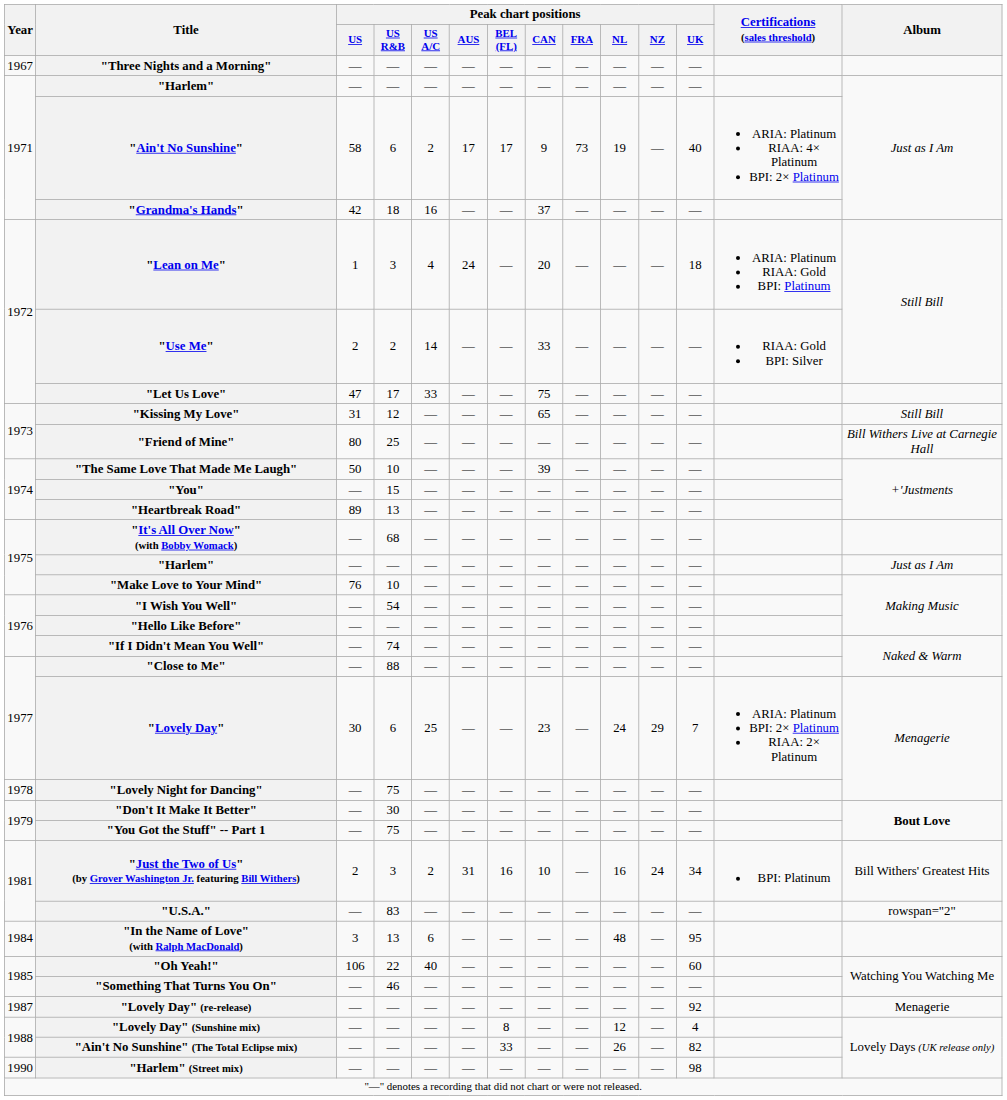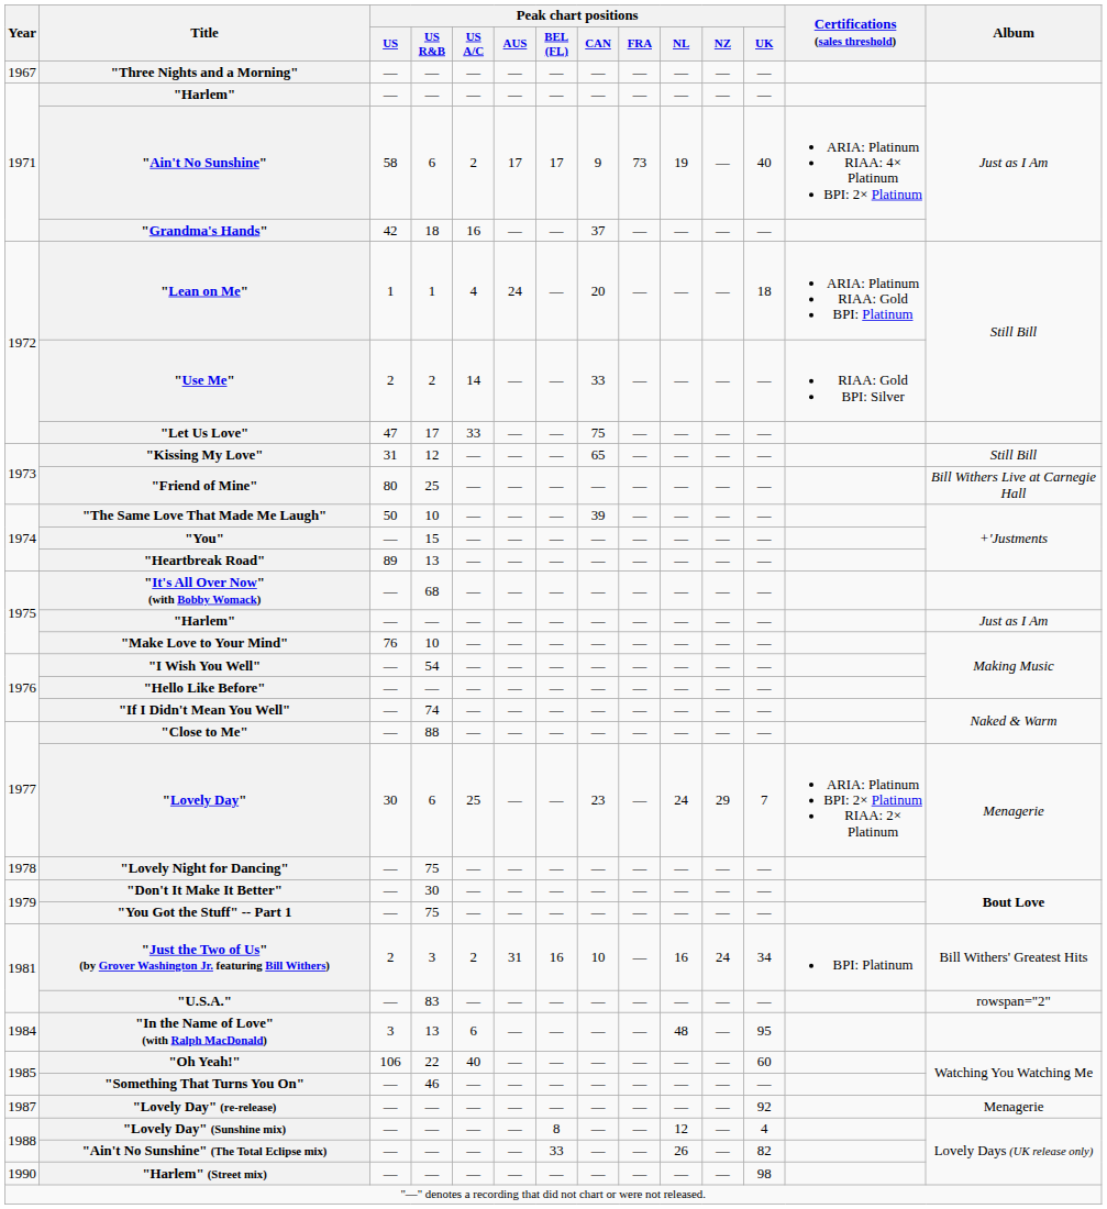 <table class="wikitable plainrowheaders" style="text-align:center;">
 <tr>
 <th scope="col" rowspan="2" style="width:1em;">Year</th>
 <th scope="col" rowspan="2" style="width:23em;">Title</th>
 <th scope="col" colspan="10">Peak chart positions</th>
 <th scope="col" rowspan="2"><a href='#'>Certifications</a><br><small>(<a href='#'>sales threshold</a>)</small></th>
 <th scope="col" rowspan="2">Album</th>
 </tr>
 <tr>
 <th scope="col" style="width:3em;font-size:85%;"><a href='#'>US</a><br></th>
 <th scope="col" style="width:3em;font-size:85%;"><a href='#'>US<br>R&B</a><br></th>
 <th scope="col" style="width:3em;font-size:85%;"><a href='#'>US<br>A/C</a><br></th>
 <th scope="col" style="width:3em;font-size:85%;"><a href='#'>AUS</a><br></th>
 <th scope="col" style="width:3em;font-size:85%;"><a href='#'>BEL<br>(FL)</a><br></th>
 <th scope="col" style="width:3em;font-size:85%;"><a href='#'>CAN</a><br></th>
 <th scope="col" style="width:3em;font-size:85%;"><a href='#'>FRA</a><br></th>
 <th scope="col" style="width:3em;font-size:85%;"><a href='#'>NL</a><br></th>
 <th scope="col" style="width:3em;font-size:85%;"><a href='#'>NZ</a><br></th>
 <th scope="col" style="width:3em;font-size:85%;"><a href='#'>UK</a><br></th>
 </tr>
 <tr>
 <td>1967</td>
 <th scope="row">"Three Nights and a Morning"</th>
 <td>—</td>
 <td>—</td>
 <td>—</td>
 <td>—</td>
 <td>—</td>
 <td>—</td>
 <td>—</td>
 <td>—</td>
 <td>—</td>
 <td>—</td>
 <td></td>
 <td></td>
 </tr>
 <tr>
 <td rowspan="3">1971</td>
 <th scope="row">"Harlem"</th>
 <td>—</td>
 <td>—</td>
 <td>—</td>
 <td>—</td>
 <td>—</td>
 <td>—</td>
 <td>—</td>
 <td>—</td>
 <td>—</td>
 <td>—</td>
 <td></td>
 <td rowspan="3"><em>Just as I Am</em></td>
 </tr>
 <tr>
 <th scope="row">"<a href='#'>Ain't No Sunshine</a>"</th>
 <td>58</td>
 <td>6</td>
 <td>2</td>
 <td>17</td>
 <td>17</td>
 <td>9</td>
 <td>73</td>
 <td>19</td>
 <td>—</td>
 <td>40</td>
 <td><br><ul><li>ARIA: Platinum</li><li>RIAA: 4× Platinum</li><li>BPI: 2× <a href='#'>Platinum</a></li></ul></td>
 </tr>
 <tr>
 <th scope="row">"<a href='#'>Grandma's Hands</a>"</th>
 <td>42</td>
 <td>18</td>
 <td>16</td>
 <td>—</td>
 <td>—</td>
 <td>37</td>
 <td>—</td>
 <td>—</td>
 <td>—</td>
 <td>—</td>
 <td></td>
 </tr>
 <tr>
 <td rowspan="3">1972</td>
 <th scope="row">"<a href='#'>Lean on Me</a>"</th>
 <td>1</td>
-<td>3</td>
+<td>1</td>
 <td>4</td>
 <td>24</td>
 <td>—</td>
 <td>20</td>
 <td>—</td>
 <td>—</td>
 <td>—</td>
 <td>18</td>
 <td><br><ul><li>ARIA: Platinum</li><li>RIAA: Gold</li><li>BPI: <a href='#'>Platinum</a></li></ul></td>
 <td rowspan="2"><em>Still Bill</em></td>
 </tr>
 <tr>
 <th scope="row">"<a href='#'>Use Me</a>"</th>
 <td>2</td>
 <td>2</td>
 <td>14</td>
 <td>—</td>
 <td>—</td>
 <td>33</td>
 <td>—</td>
 <td>—</td>
 <td>—</td>
 <td>—</td>
 <td><br><ul><li>RIAA: Gold</li><li>BPI: Silver</li></ul></td>
 </tr>
 <tr>
 <th scope="row">"Let Us Love"</th>
 <td>47</td>
 <td>17</td>
 <td>33</td>
 <td>—</td>
 <td>—</td>
 <td>75</td>
 <td>—</td>
 <td>—</td>
 <td>—</td>
 <td>—</td>
 <td></td>
 <td></td>
 </tr>
 <tr>
 <td rowspan="2">1973</td>
 <th scope="row">"Kissing My Love"</th>
 <td>31</td>
 <td>12</td>
 <td>—</td>
 <td>—</td>
 <td>—</td>
 <td>65</td>
 <td>—</td>
 <td>—</td>
 <td>—</td>
 <td>—</td>
 <td></td>
 <td><em>Still Bill</em></td>
 </tr>
 <tr>
 <th scope="row">"Friend of Mine"</th>
 <td>80</td>
 <td>25</td>
 <td>—</td>
 <td>—</td>
 <td>—</td>
 <td>—</td>
 <td>—</td>
 <td>—</td>
 <td>—</td>
 <td>—</td>
 <td></td>
 <td><em>Bill Withers Live at Carnegie Hall</em></td>
 </tr>
 <tr>
 <td rowspan="3">1974</td>
 <th scope="row">"The Same Love That Made Me Laugh"</th>
 <td>50</td>
 <td>10</td>
 <td>—</td>
 <td>—</td>
 <td>—</td>
 <td>39</td>
 <td>—</td>
 <td>—</td>
 <td>—</td>
 <td>—</td>
 <td></td>
 <td rowspan="3"><em>+'Justments</em></td>
 </tr>
 <tr>
 <th scope="row">"You"</th>
 <td>—</td>
 <td>15</td>
 <td>—</td>
 <td>—</td>
 <td>—</td>
 <td>—</td>
 <td>—</td>
 <td>—</td>
 <td>—</td>
 <td>—</td>
 <td></td>
 </tr>
 <tr>
 <th scope="row">"Heartbreak Road"</th>
 <td>89</td>
 <td>13</td>
 <td>—</td>
 <td>—</td>
 <td>—</td>
 <td>—</td>
 <td>—</td>
 <td>—</td>
 <td>—</td>
 <td>—</td>
 <td></td>
 </tr>
 <tr>
 <td rowspan="3">1975</td>
 <th scope="row">"<a href='#'>It's All Over Now</a>"<br><small>(with <a href='#'>Bobby Womack</a>)</small></th>
 <td>—</td>
 <td>68</td>
 <td>—</td>
 <td>—</td>
 <td>—</td>
 <td>—</td>
 <td>—</td>
 <td>—</td>
 <td>—</td>
 <td>—</td>
 <td></td>
 <td></td>
 </tr>
 <tr>
 <th scope="row">"Harlem"</th>
 <td>—</td>
 <td>—</td>
 <td>—</td>
 <td>—</td>
 <td>—</td>
 <td>—</td>
 <td>—</td>
 <td>—</td>
 <td>—</td>
 <td>—</td>
 <td></td>
 <td><em>Just as I Am</em></td>
 </tr>
 <tr>
 <th scope="row">"Make Love to Your Mind"</th>
 <td>76</td>
 <td>10</td>
 <td>—</td>
 <td>—</td>
 <td>—</td>
 <td>—</td>
 <td>—</td>
 <td>—</td>
 <td>—</td>
 <td>—</td>
 <td></td>
 <td rowspan="3"><em>Making Music</em></td>
 </tr>
 <tr>
 <td rowspan="3">1976</td>
 <th scope="row">"I Wish You Well"</th>
 <td>—</td>
 <td>54</td>
 <td>—</td>
 <td>—</td>
 <td>—</td>
 <td>—</td>
 <td>—</td>
 <td>—</td>
 <td>—</td>
 <td>—</td>
 <td></td>
 </tr>
 <tr>
 <th scope="row">"Hello Like Before"</th>
 <td>—</td>
 <td>—</td>
 <td>—</td>
 <td>—</td>
 <td>—</td>
 <td>—</td>
 <td>—</td>
 <td>—</td>
 <td>—</td>
 <td>—</td>
 <td></td>
 </tr>
 <tr>
 <th scope="row">"If I Didn't Mean You Well"</th>
 <td>—</td>
 <td>74</td>
 <td>—</td>
 <td>—</td>
 <td>—</td>
 <td>—</td>
 <td>—</td>
 <td>—</td>
 <td>—</td>
 <td>—</td>
 <td></td>
 <td rowspan="2"><em>Naked & Warm</em></td>
 </tr>
 <tr>
 <td rowspan="2">1977</td>
 <th scope="row">"Close to Me"</th>
 <td>—</td>
 <td>88</td>
 <td>—</td>
 <td>—</td>
 <td>—</td>
 <td>—</td>
 <td>—</td>
 <td>—</td>
 <td>—</td>
 <td>—</td>
 <td></td>
 </tr>
 <tr>
 <th scope="row">"<a href='#'>Lovely Day</a>"</th>
 <td>30</td>
 <td>6</td>
 <td>25</td>
 <td>—</td>
 <td>—</td>
 <td>23</td>
 <td>—</td>
 <td>24</td>
 <td>29</td>
 <td>7</td>
 <td><br><ul><li>ARIA: Platinum</li><li>BPI: 2× <a href='#'>Platinum</a></li><li>RIAA: 2× Platinum</li></ul></td>
 <td rowspan="2"><em>Menagerie</em></td>
 </tr>
 <tr>
 <td>1978</td>
 <th scope="row">"Lovely Night for Dancing"</th>
 <td>—</td>
 <td>75</td>
 <td>—</td>
 <td>—</td>
 <td>—</td>
 <td>—</td>
 <td>—</td>
 <td>—</td>
 <td>—</td>
 <td>—</td>
 <td></td>
 </tr>
 <tr>
 <td rowspan="2">1979</td>
 <th scope="row">"Don't It Make It Better"</th>
 <td>—</td>
 <td>30</td>
 <td>—</td>
 <td>—</td>
 <td>—</td>
 <td>—</td>
 <td>—</td>
 <td>—</td>
 <td>—</td>
 <td>—</td>
 <td></td>
 <td rowspan="2"><strong>Bout Love<em></td>
 </tr>
 <tr>
 <th scope="row">"You Got the Stuff" -- Part 1</th>
 <td>—</td>
 <td>75</td>
 <td>—</td>
 <td>—</td>
 <td>—</td>
 <td>—</td>
 <td>—</td>
 <td>—</td>
 <td>—</td>
 <td>—</td>
 <td></td>
 </tr>
 <tr>
 <td rowspan="2">1981</td>
 <th scope="row">"<a href='#'>Just the Two of Us</a>"<br><small>(by <a href='#'>Grover Washington Jr.</a> featuring <a href='#'>Bill Withers</a>)</small></th>
 <td>2</td>
 <td>3</td>
 <td>2</td>
 <td>31</td>
 <td>16</td>
 <td>10</td>
 <td>—</td>
 <td>16</td>
 <td>24</td>
 <td>34</td>
 <td><br><ul><li>BPI: Platinum</li></ul></td>
 <td></em>Bill Withers' Greatest Hits<em></td>
 </tr>
 <tr>
 <th scope="row">"U.S.A."</th>
 <td>—</td>
 <td>83</td>
 <td>—</td>
 <td>—</td>
 <td>—</td>
 <td>—</td>
 <td>—</td>
 <td>—</td>
 <td>—</td>
 <td>—</td>
 <td></td>
 <td>rowspan="2" </td>
 </tr>
 <tr>
 <td>1984</td>
 <th scope="row">"In the Name of Love"<br><small>(with <a href='#'>Ralph MacDonald</a>)</small></th>
 <td>3</td>
 <td>13</td>
 <td>6</td>
 <td>—</td>
 <td>—</td>
 <td>—</td>
 <td>—</td>
 <td>48</td>
 <td>—</td>
 <td>95</td>
 <td></td>
 </tr>
 <tr>
 <td rowspan="2">1985</td>
 <th scope="row">"Oh Yeah!"</th>
 <td>106</td>
 <td>22</td>
 <td>40</td>
 <td>—</td>
 <td>—</td>
 <td>—</td>
 <td>—</td>
 <td>—</td>
 <td>—</td>
 <td>60</td>
 <td></td>
 <td rowspan="2"></em>Watching You Watching Me<em></td>
 </tr>
 <tr>
 <th scope="row">"Something That Turns You On"</th>
 <td>—</td>
 <td>46</td>
 <td>—</td>
 <td>—</td>
 <td>—</td>
 <td>—</td>
 <td>—</td>
 <td>—</td>
 <td>—</td>
 <td>—</td>
 <td></td>
 </tr>
 <tr>
 <td>1987</td>
 <th scope="row">"Lovely Day" <small>(re-release)</small></th>
 <td>—</td>
 <td>—</td>
 <td>—</td>
 <td>—</td>
 <td>—</td>
 <td>—</td>
 <td>—</td>
 <td>—</td>
 <td>—</td>
 <td>92</td>
 <td></td>
 <td></em>Menagerie<em></td>
 </tr>
 <tr>
 <td rowspan="2">1988</td>
 <th scope="row">"Lovely Day" <small>(Sunshine mix)</small></th>
 <td>—</td>
 <td>—</td>
 <td>—</td>
 <td>—</td>
 <td>8</td>
 <td>—</td>
 <td>—</td>
 <td>12</td>
 <td>—</td>
 <td>4</td>
 <td></td>
 <td rowspan="3"></em>Lovely Days<em><small> (UK release only)</small></td>
 </tr>
 <tr>
 <th scope="row">"Ain't No Sunshine" <small>(The Total Eclipse mix)</small></th>
 <td>—</td>
 <td>—</td>
 <td>—</td>
 <td>—</td>
 <td>33</td>
 <td>—</td>
 <td>—</td>
 <td>26</td>
 <td>—</td>
 <td>82</td>
 <td></td>
 </tr>
 <tr>
 <td>1990</td>
 <th scope="row">"Harlem" <small>(Street mix)</small></th>
 <td>—</td>
 <td>—</td>
 <td>—</td>
 <td>—</td>
 <td>—</td>
 <td>—</td>
 <td>—</td>
 <td>—</td>
 <td>—</td>
 <td>98</td>
 <td></td>
 </tr>
 <tr>
 <td colspan="21" style="text-align:center; font-size:85%;">"—" denotes a recording that did not chart or were not released.</td>
 </tr>
 </table>
